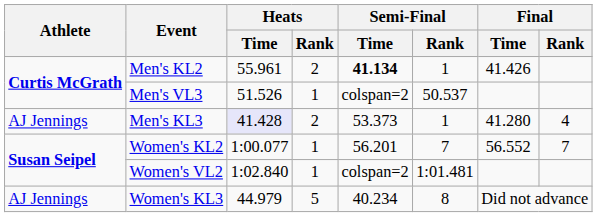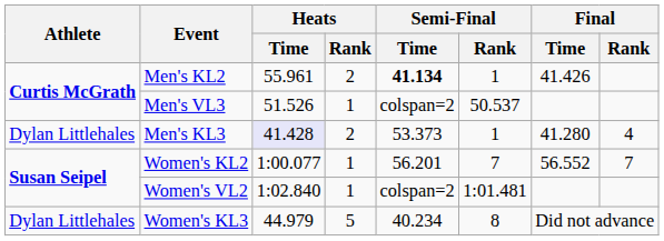 <table class=wikitable>
 <tr>
 <th rowspan="2">Athlete</th>
 <th rowspan="2">Event</th>
 <th colspan="2">Heats</th>
 <th colspan="2">Semi-Final</th>
 <th colspan="2">Final</th>
 </tr>
 <tr>
 <th>Time</th>
 <th>Rank</th>
 <th>Time</th>
 <th>Rank</th>
 <th>Time</th>
 <th>Rank</th>
 </tr>
 <tr>
 <td rowspan=2><strong><a href='#'>Curtis McGrath</a></strong></td>
 <td><a href='#'>Men's KL2</a></td>
 <td align="center">55.961</td>
 <td align="center">2</td>
 <td align="center"><strong>41.134</strong></td>
 <td align="center">1</td>
 <td align="center">41.426</td>
 <td align="center"></td>
 </tr>
 <tr>
 <td><a href='#'>Men's VL3</a></td>
 <td align="center">51.526</td>
 <td align="center">1</td>
 <td>colspan=2 </td>
 <td align="center">50.537</td>
 <td align="center"></td>
 </tr>
 <tr>
-<td><a href='#'>AJ Jennings</a></td>
+<td><a href='#'>Dylan Littlehales</a></td>
 <td><a href='#'>Men's KL3</a></td>
 <td align="center" style="background: lavender;">41.428</td>
 <td align="center">2</td>
 <td align="center">53.373</td>
 <td align="center">1</td>
 <td align="center">41.280</td>
 <td align="center">4</td>
 </tr>
 <tr>
 <td rowspan=2><strong><a href='#'>Susan Seipel</a></strong></td>
 <td><a href='#'>Women's KL2</a></td>
 <td align="center">1:00.077</td>
 <td align="center">1</td>
 <td align="center">56.201</td>
 <td align="center">7</td>
 <td align="center">56.552</td>
 <td align="center">7</td>
 </tr>
 <tr>
 <td><a href='#'>Women's VL2</a></td>
 <td align="center">1:02.840</td>
 <td align="center">1</td>
 <td>colspan=2 </td>
 <td align="center">1:01.481</td>
 <td align="center"></td>
 </tr>
 <tr>
-<td><a href='#'>AJ Jennings</a></td>
+<td><a href='#'>Dylan Littlehales</a></td>
 <td><a href='#'>Women's KL3</a></td>
 <td align="center">44.979</td>
 <td align="center">5</td>
 <td align="center">40.234</td>
 <td align="center">8</td>
 <td align="center" colspan=2>Did not advance</td>
 </tr>
 </table>
